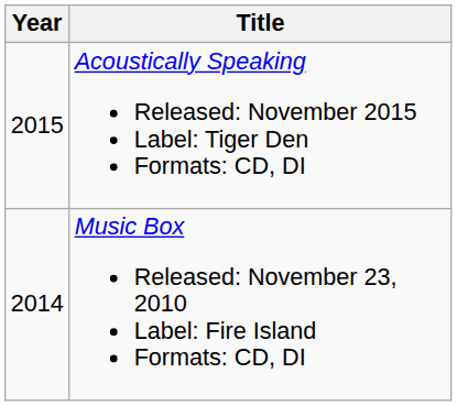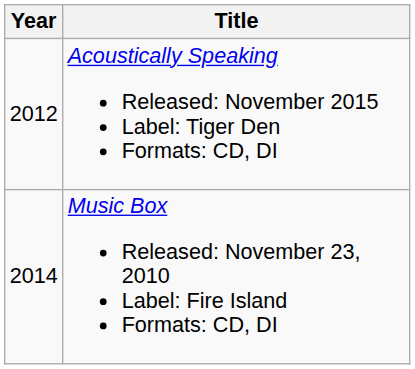 <table class="wikitable">
 <tr>
 <th>Year</th>
 <th width="250">Title</th>
 </tr>
 <tr>
-<td>2015</td>
+<td>2012</td>
 <td><em><a href='#'>Acoustically Speaking</a></em><br><ul><li>Released: November 2015</li><li>Label: Tiger Den</li><li>Formats: CD, DI</li></ul></td>
 </tr>
 <tr>
 <td>2014</td>
 <td><em><a href='#'>Music Box</a></em><br><ul><li>Released: November 23, 2010</li><li>Label: Fire Island</li><li>Formats: CD, DI</li></ul></td>
 </tr>
 </table>
